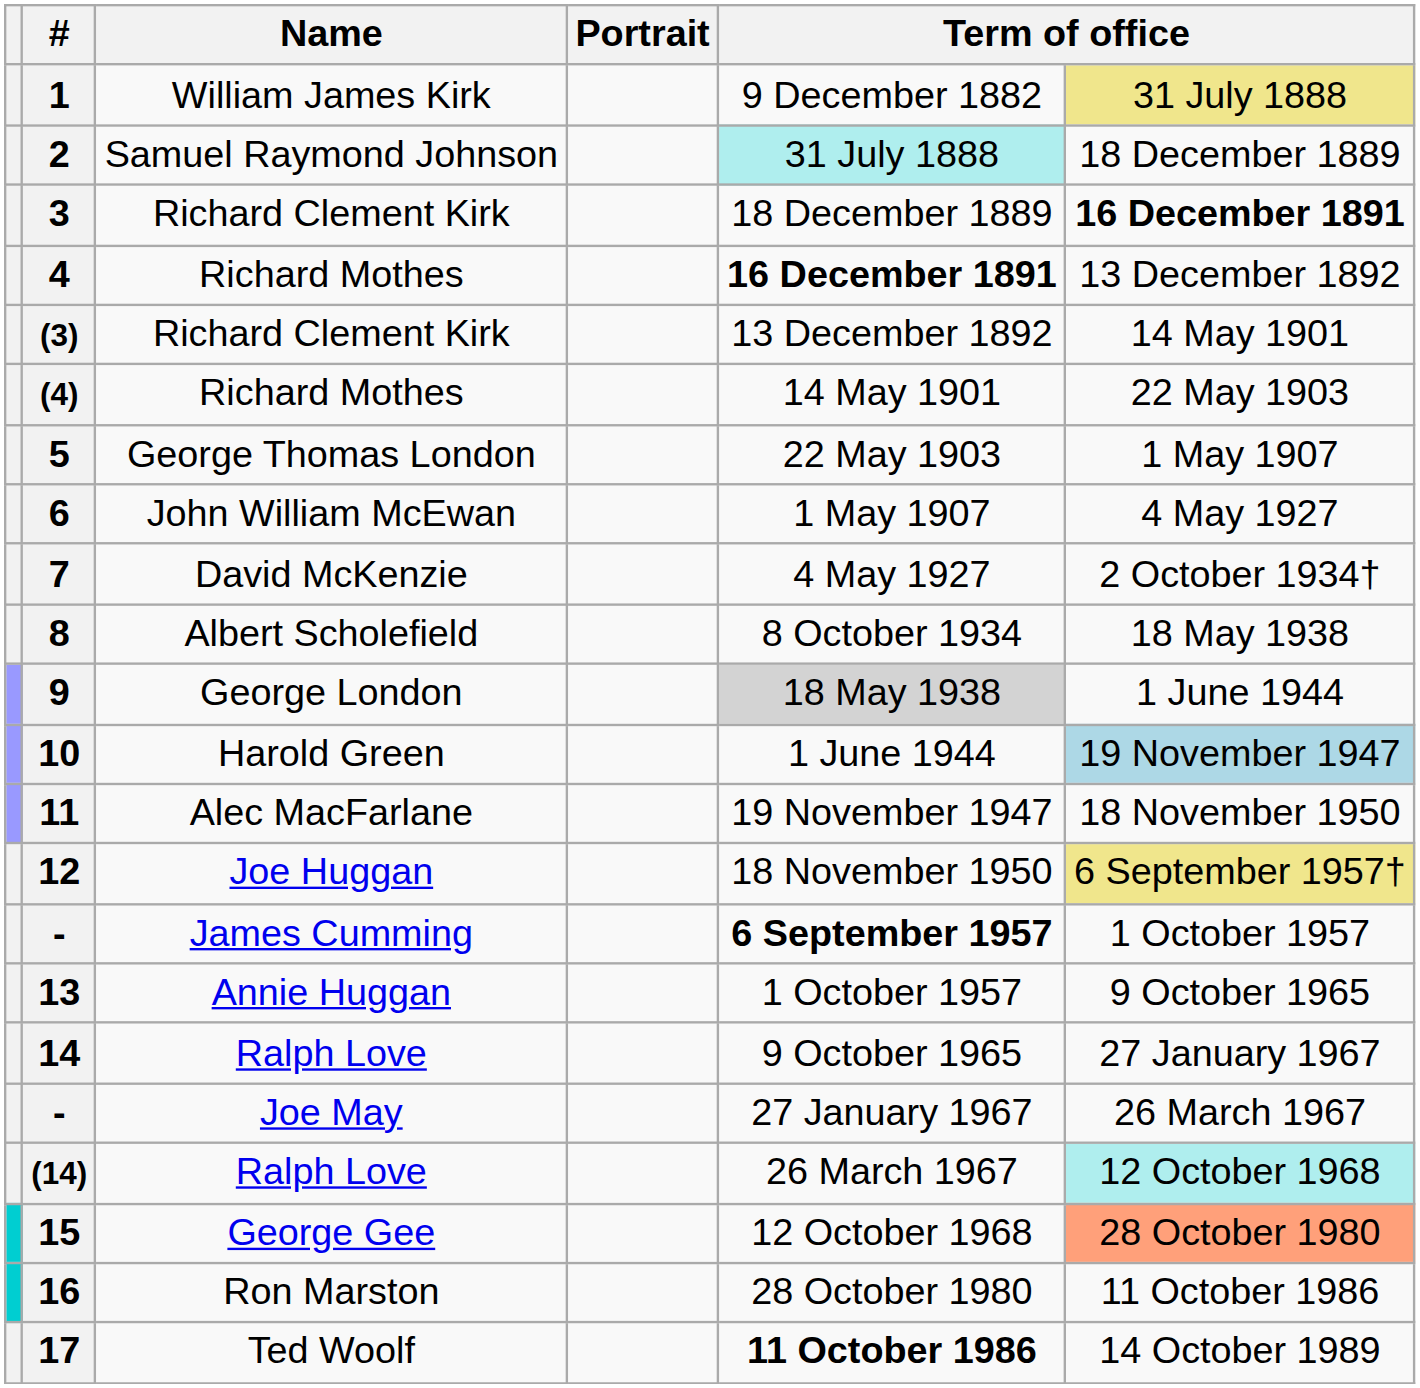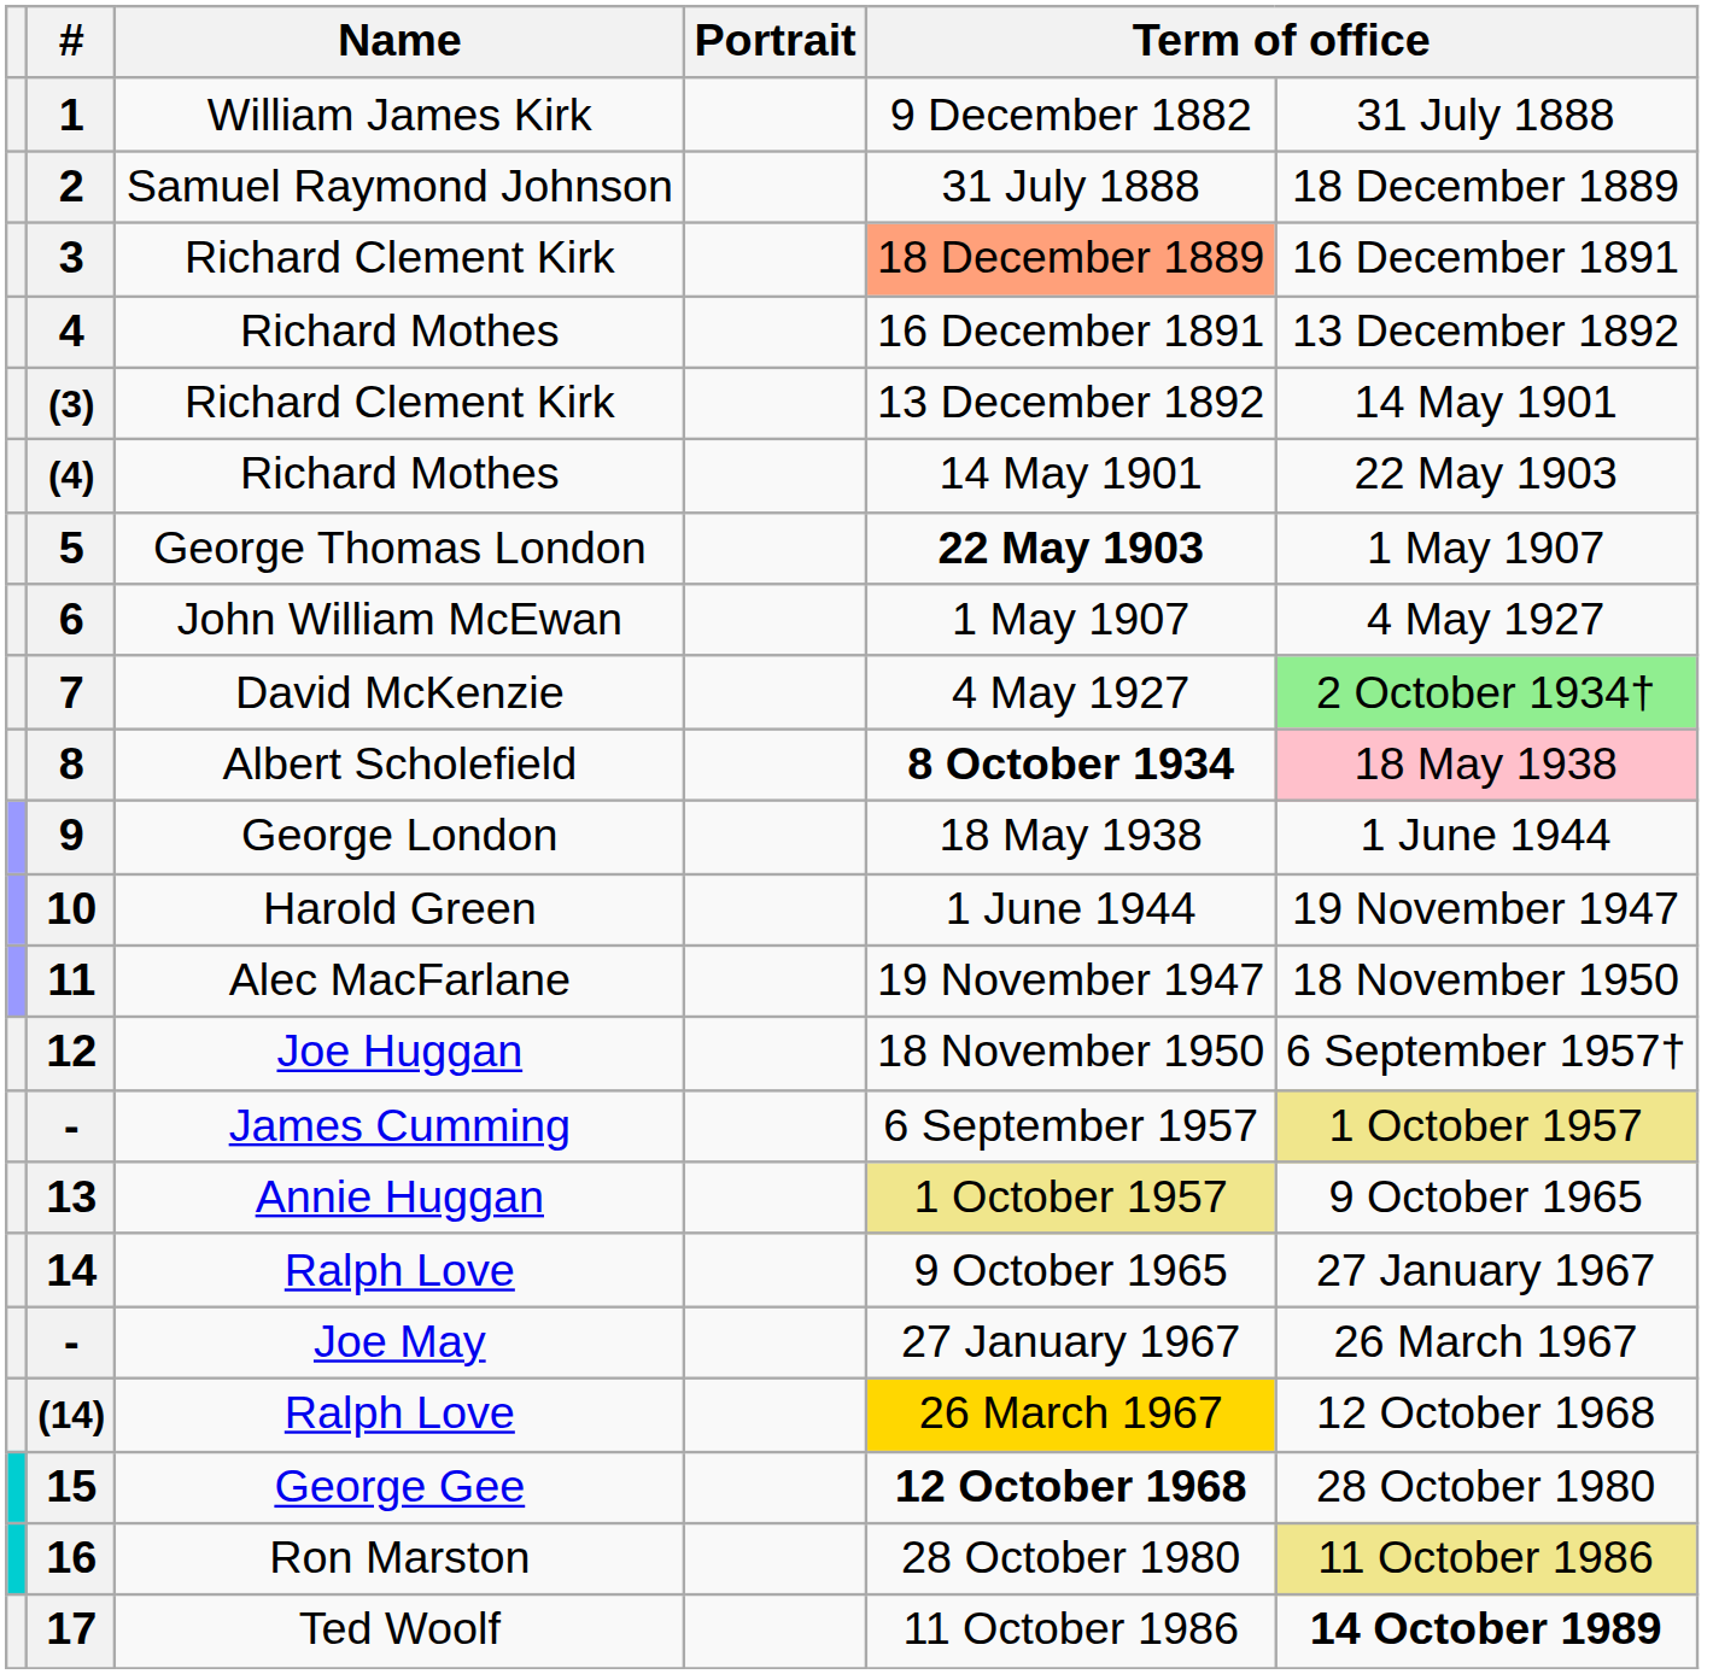 <table class="wikitable" style="text-align:center">
 <tr>
 <th></th>
 <th>#</th>
 <th>Name</th>
 <th>Portrait</th>
 <th colspan="2" width="150">Term of office</th>
 </tr>
 <tr>
 <th style="background:"></th>
 <th>1</th>
 <td>William James Kirk</td>
 <td></td>
 <td>9 December 1882</td>
-<td style="background: khaki;">31 July 1888</td>
+<td>31 July 1888</td>
 </tr>
 <tr>
 <th style="background:"></th>
 <th>2</th>
 <td>Samuel Raymond Johnson</td>
 <td></td>
-<td style="background: paleturquoise;">31 July 1888</td>
+<td>31 July 1888</td>
 <td>18 December 1889</td>
 </tr>
 <tr>
 <th style="background:"></th>
 <th>3</th>
 <td>Richard Clement Kirk</td>
 <td></td>
-<td>18 December 1889</td>
-<td><strong>16 December 1891</strong></td>
+<td style="background: lightsalmon;">18 December 1889</td>
+<td>16 December 1891</td>
 </tr>
 <tr>
 <th style="background:"></th>
 <th>4</th>
 <td>Richard Mothes</td>
 <td></td>
-<td><strong>16 December 1891</strong></td>
+<td>16 December 1891</td>
 <td>13 December 1892</td>
 </tr>
 <tr>
 <th style="background:"></th>
 <th><small>(3)</small></th>
 <td>Richard Clement Kirk</td>
 <td></td>
 <td>13 December 1892</td>
 <td>14 May 1901</td>
 </tr>
 <tr>
 <th style="background:"></th>
 <th><small>(4)</small></th>
 <td>Richard Mothes</td>
 <td></td>
 <td>14 May 1901</td>
 <td>22 May 1903</td>
 </tr>
 <tr>
 <th style="background:"></th>
 <th>5</th>
 <td>George Thomas London</td>
 <td></td>
-<td>22 May 1903</td>
+<td><strong>22 May 1903</strong></td>
 <td>1 May 1907</td>
 </tr>
 <tr>
 <th style="background:"></th>
 <th>6</th>
 <td>John William McEwan</td>
 <td></td>
 <td>1 May 1907</td>
 <td>4 May 1927</td>
 </tr>
 <tr>
 <th style="background:"></th>
 <th>7</th>
 <td>David McKenzie</td>
 <td></td>
 <td>4 May 1927</td>
-<td>2 October 1934†</td>
+<td style="background: lightgreen;">2 October 1934†</td>
 </tr>
 <tr>
 <th style="background:"></th>
 <th>8</th>
 <td>Albert Scholefield</td>
 <td></td>
-<td>8 October 1934</td>
-<td>18 May 1938</td>
+<td><strong>8 October 1934</strong></td>
+<td style="background: pink;">18 May 1938</td>
 </tr>
 <tr>
 <th style="text-align:center; background-color:#9999FF;"></th>
 <th>9</th>
 <td>George London</td>
 <td></td>
-<td style="background: lightgrey;">18 May 1938</td>
+<td>18 May 1938</td>
 <td>1 June 1944</td>
 </tr>
 <tr>
 <th style="text-align:center; background-color:#9999FF;"></th>
 <th>10</th>
 <td>Harold Green</td>
 <td></td>
 <td>1 June 1944</td>
-<td style="background: lightblue;">19 November 1947</td>
+<td>19 November 1947</td>
 </tr>
 <tr>
 <th style="text-align:center; background-color:#9999FF;"></th>
 <th>11</th>
 <td>Alec MacFarlane</td>
 <td></td>
 <td>19 November 1947</td>
 <td>18 November 1950</td>
 </tr>
 <tr>
 <th style="background:"></th>
 <th>12</th>
 <td><a href='#'>Joe Huggan</a></td>
 <td></td>
 <td>18 November 1950</td>
-<td style="background: khaki;">6 September 1957†</td>
+<td>6 September 1957†</td>
 </tr>
 <tr>
 <th style="background:"></th>
 <th>-</th>
 <td><a href='#'>James Cumming</a><br></td>
 <td></td>
-<td><strong>6 September 1957</strong></td>
-<td>1 October 1957</td>
+<td>6 September 1957</td>
+<td style="background: khaki;">1 October 1957</td>
 </tr>
 <tr>
 <th style="background:"></th>
 <th>13</th>
 <td><a href='#'>Annie Huggan</a></td>
 <td></td>
-<td>1 October 1957</td>
+<td style="background: khaki;">1 October 1957</td>
 <td>9 October 1965</td>
 </tr>
 <tr>
 <th style="background:"></th>
 <th>14</th>
 <td><a href='#'>Ralph Love</a></td>
 <td></td>
 <td>9 October 1965</td>
 <td>27 January 1967</td>
 </tr>
 <tr>
 <th style="background:"></th>
 <th>-</th>
 <td><a href='#'>Joe May</a><br></td>
 <td></td>
 <td>27 January 1967</td>
 <td>26 March 1967</td>
 </tr>
 <tr>
 <th style="background:"></th>
 <th><small>(14)</small></th>
 <td><a href='#'>Ralph Love</a></td>
 <td></td>
-<td>26 March 1967</td>
-<td style="background: paleturquoise;">12 October 1968</td>
+<td style="background: gold;">26 March 1967</td>
+<td>12 October 1968</td>
 </tr>
 <tr>
 <th style="text-align:center; background-color:#00CED1;"></th>
 <th>15</th>
 <td><a href='#'>George Gee</a></td>
 <td></td>
-<td>12 October 1968</td>
-<td style="background: lightsalmon;">28 October 1980</td>
+<td><strong>12 October 1968</strong></td>
+<td>28 October 1980</td>
 </tr>
 <tr>
 <th style="text-align:center; background-color:#00CED1;"></th>
 <th>16</th>
 <td>Ron Marston</td>
 <td></td>
 <td>28 October 1980</td>
-<td>11 October 1986</td>
+<td style="background: khaki;">11 October 1986</td>
 </tr>
 <tr>
 <th style="background:"></th>
 <th>17</th>
 <td>Ted Woolf</td>
 <td></td>
-<td><strong>11 October 1986</strong></td>
-<td>14 October 1989</td>
+<td>11 October 1986</td>
+<td><strong>14 October 1989</strong></td>
 </tr>
 </table>
